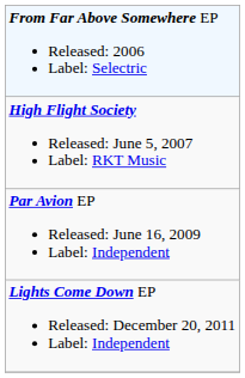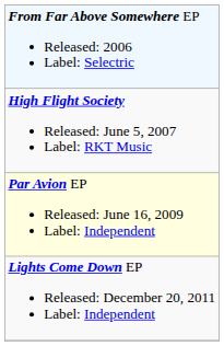 <table class="wikitable">
 <tr bgcolor="#F0F8FF">
 <td align="left"><strong><em>From Far Above Somewhere</em></strong> EP<br><ul><li>Released: 2006</li><li>Label: <a href='#'>Selectric</a></li></ul></td>
 </tr>
 <tr>
 <td align="left"><strong><em><a href='#'>High Flight Society</a></em></strong><br><ul><li>Released: June 5, 2007</li><li>Label: <a href='#'>RKT Music</a></li></ul></td>
 </tr>
 <tr>
-<td align="left"><strong><em><a href='#'>Par Avion</a></em></strong> EP<br><ul><li>Released: June 16, 2009</li><li>Label: <a href='#'>Independent</a></li></ul></td>
+<td align="left" style="background: lightyellow;"><strong><em><a href='#'>Par Avion</a></em></strong> EP<br><ul><li>Released: June 16, 2009</li><li>Label: <a href='#'>Independent</a></li></ul></td>
 </tr>
 <tr>
 <td align="left"><strong><em><a href='#'>Lights Come Down</a></em></strong> EP<br><ul><li>Released: December 20, 2011</li><li>Label: <a href='#'>Independent</a></li></ul></td>
 </tr>
 <tr>
 </tr>
 </table>
